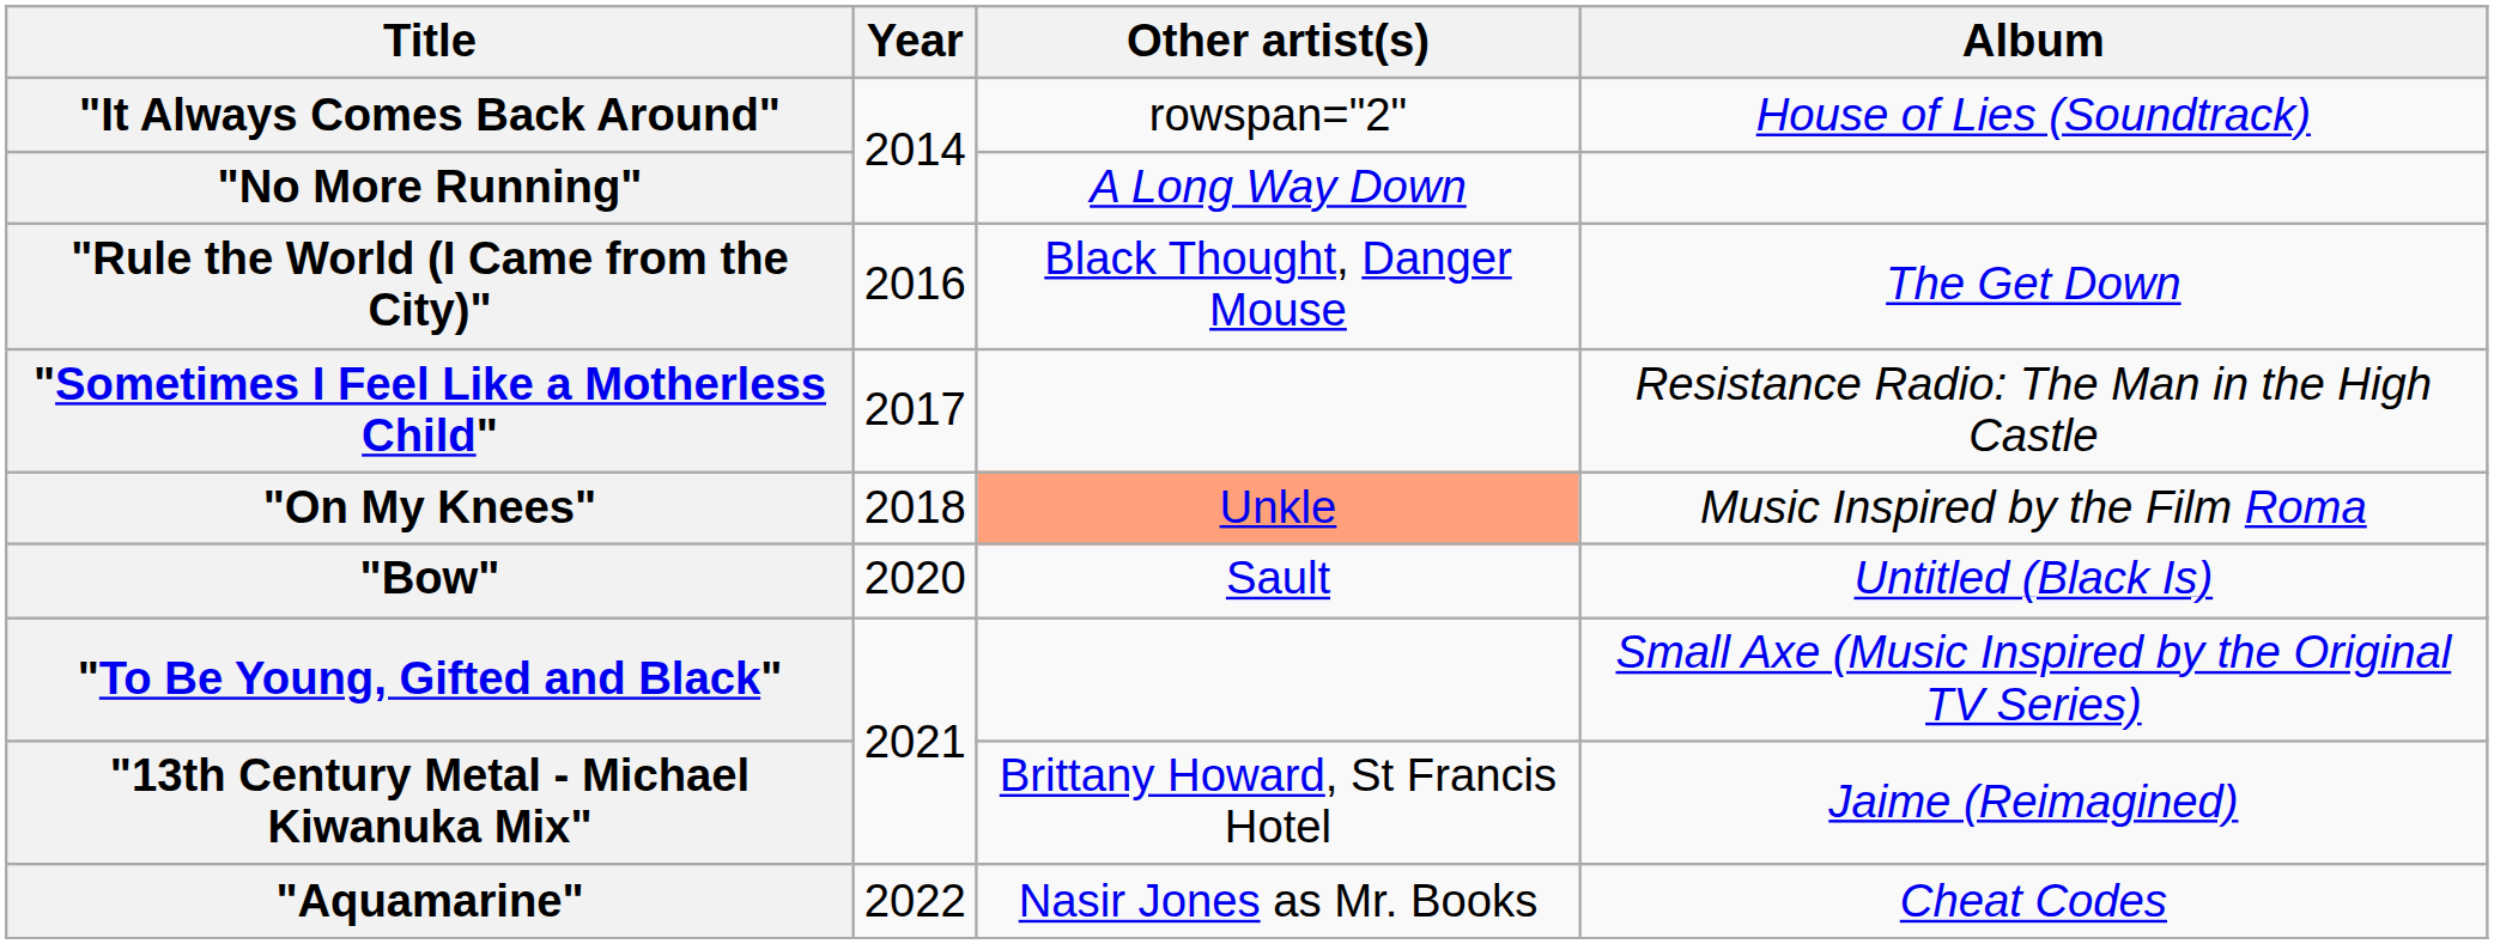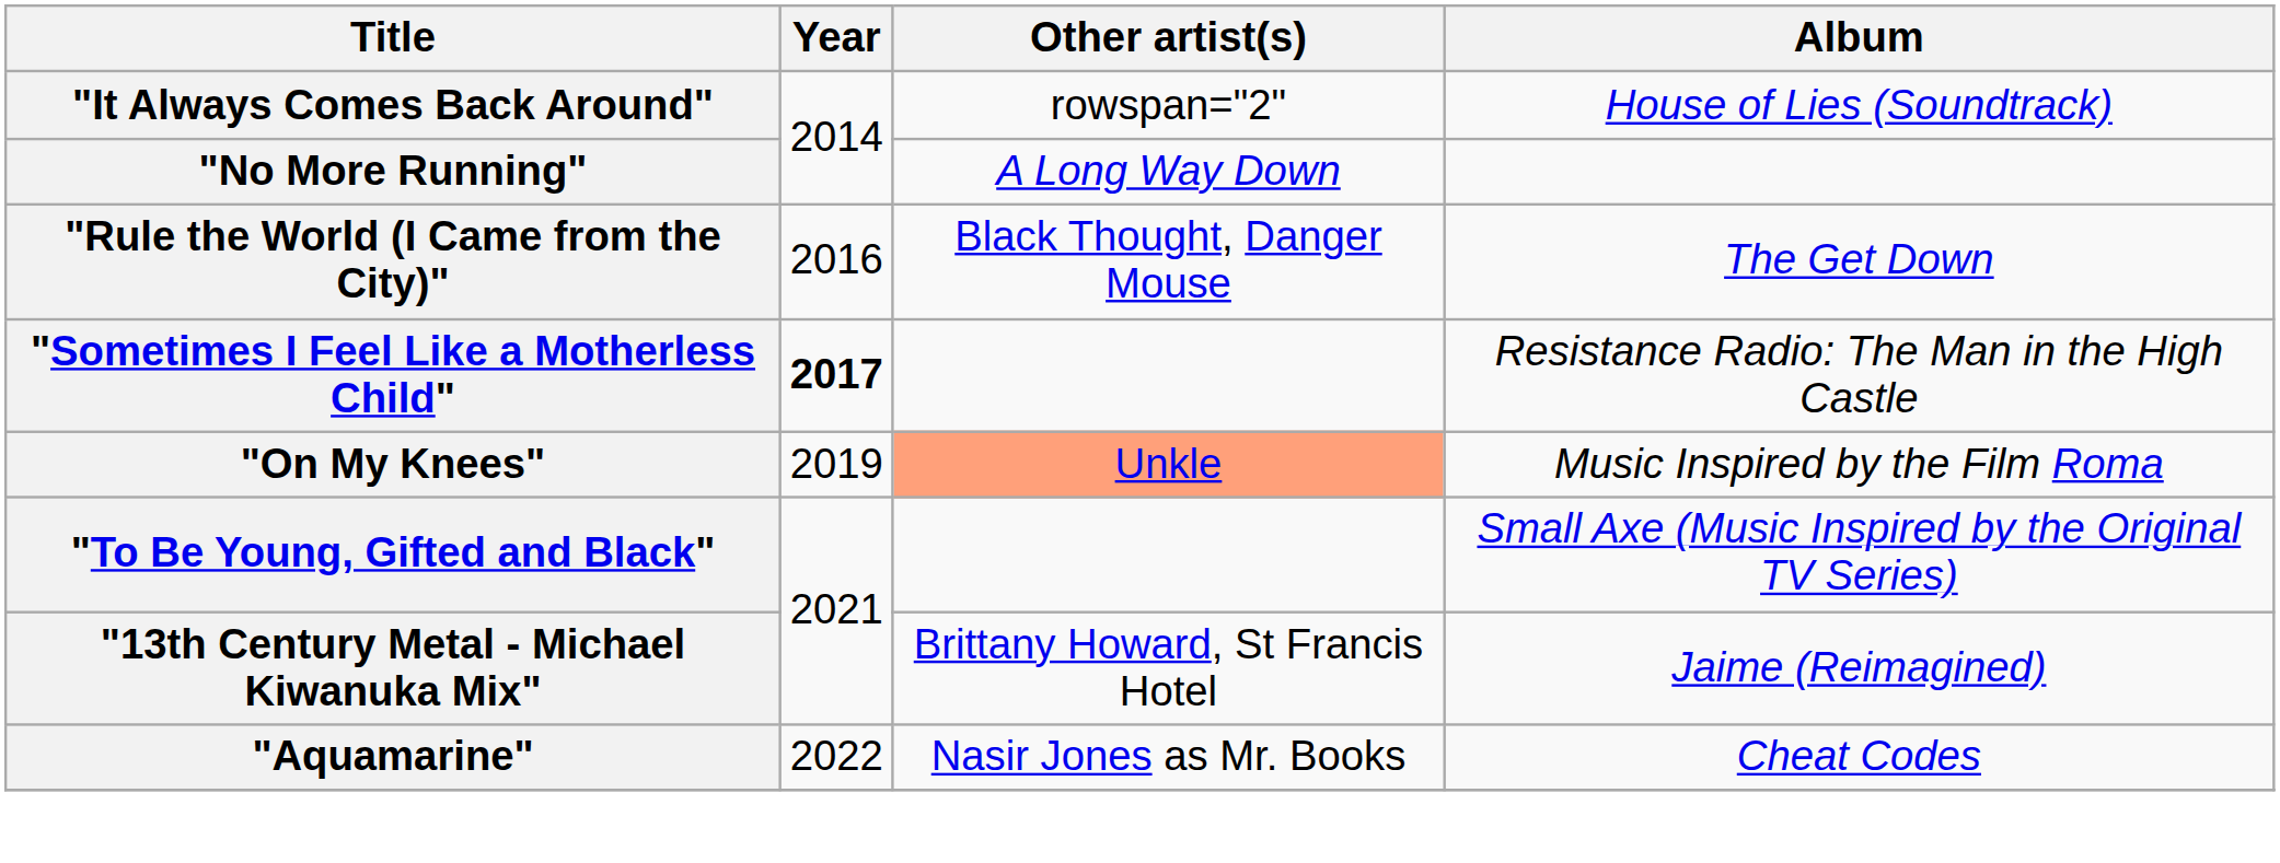 <table class="wikitable plainrowheaders" style="text-align:center;">
 <tr>
 <th scope="col">Title</th>
 <th scope="col">Year</th>
 <th scope="col">Other artist(s)</th>
 <th scope="col">Album</th>
 </tr>
 <tr>
 <th scope="row">"It Always Comes Back Around"</th>
 <td rowspan="2">2014</td>
 <td>rowspan="2" </td>
 <td><em><a href='#'>House of Lies (Soundtrack)</a></em></td>
 </tr>
 <tr>
 <th scope="row">"No More Running"</th>
 <td><em><a href='#'>A Long Way Down</a></em></td>
 </tr>
 <tr>
 <th scope="row">"Rule the World (I Came from the City)"</th>
 <td>2016</td>
 <td><a href='#'>Black Thought</a>, <a href='#'>Danger Mouse</a></td>
 <td><em><a href='#'>The Get Down</a></em></td>
 </tr>
 <tr>
 <th scope="row">"<a href='#'>Sometimes I Feel Like a Motherless Child</a>"</th>
-<td>2017</td>
+<td><strong>2017</strong></td>
 <td></td>
 <td><em>Resistance Radio: The Man in the High Castle</em></td>
 </tr>
 <tr>
 <th scope="row">"On My Knees"</th>
-<td>2018</td>
+<td>2019</td>
 <td style="background: lightsalmon;"><a href='#'>Unkle</a></td>
 <td><em>Music Inspired by the Film <a href='#'>Roma</a></em></td>
-</tr>
-<tr>
-<th scope="row">"Bow"</th>
-<td>2020</td>
-<td><a href='#'>Sault</a></td>
-<td><em><a href='#'>Untitled (Black Is)</a></em></td>
 </tr>
 <tr>
 <th scope="row">"<a href='#'>To Be Young, Gifted and Black</a>"</th>
 <td rowspan="2">2021</td>
 <td></td>
 <td><em><a href='#'>Small Axe (Music Inspired by the Original TV Series)</a></em></td>
 </tr>
 <tr>
 <th scope="row">"13th Century Metal - Michael Kiwanuka Mix"</th>
 <td><a href='#'>Brittany Howard</a>, St Francis Hotel</td>
 <td><em><a href='#'>Jaime (Reimagined)</a></em></td>
 </tr>
 <tr>
 <th scope="row">"Aquamarine"</th>
 <td>2022</td>
 <td><a href='#'>Nasir Jones</a> as Mr. Books</td>
 <td><em><a href='#'>Cheat Codes</a></em></td>
 </tr>
 <tr>
 </tr>
 </table>
